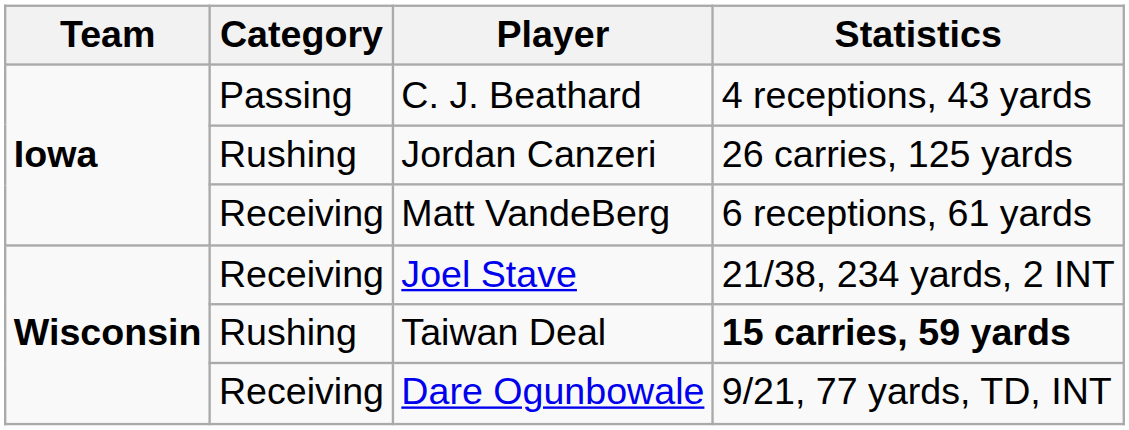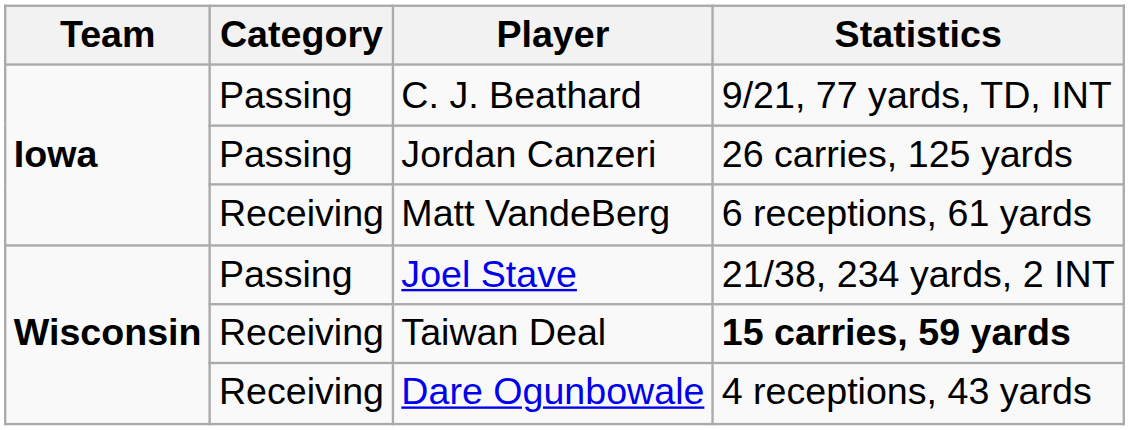 <table class="wikitable" style="float: left;">
 <tr>
 <th>Team</th>
 <th>Category</th>
 <th>Player</th>
 <th>Statistics</th>
 </tr>
 <tr>
 <td rowspan=3><strong>Iowa</strong></td>
 <td>Passing</td>
 <td>C. J. Beathard</td>
-<td>4 receptions, 43 yards</td>
+<td>9/21, 77 yards, TD, INT</td>
 </tr>
 <tr>
-<td>Rushing</td>
+<td>Passing</td>
 <td>Jordan Canzeri</td>
 <td>26 carries, 125 yards</td>
 </tr>
 <tr>
 <td>Receiving</td>
 <td>Matt VandeBerg</td>
 <td>6 receptions, 61 yards</td>
 </tr>
 <tr>
 <td rowspan=3><strong>Wisconsin</strong></td>
-<td>Receiving</td>
+<td>Passing</td>
 <td><a href='#'>Joel Stave</a></td>
 <td>21/38, 234 yards, 2 INT</td>
 </tr>
 <tr>
-<td>Rushing</td>
+<td>Receiving</td>
 <td>Taiwan Deal</td>
 <td><strong>15 carries, 59 yards</strong></td>
 </tr>
 <tr>
 <td>Receiving</td>
 <td><a href='#'>Dare Ogunbowale</a></td>
-<td>9/21, 77 yards, TD, INT</td>
+<td>4 receptions, 43 yards</td>
 </tr>
 </table>
